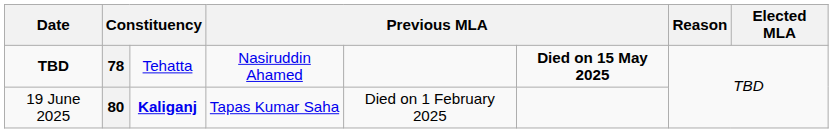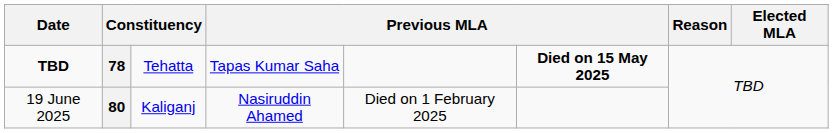 <table class="wikitable sortable" style="text-align:center;">
 <tr>
 <th>Date</th>
 <th colspan="2">Constituency</th>
 <th colspan="3">Previous MLA</th>
 <th>Reason</th>
 <th colspan="3">Elected MLA</th>
 </tr>
 <tr>
 <td><strong>TBD</strong></td>
 <th>78</th>
 <td><a href='#'>Tehatta</a></td>
-<td><a href='#'>Nasiruddin Ahamed</a></td>
+<td><a href='#'>Tapas Kumar Saha</a></td>
 <td></td>
 <td><strong>Died on 15 May 2025</strong></td>
 <td rowspan=2 colspan=3><em>TBD</em></td>
 </tr>
 <tr>
 <td>19 June 2025</td>
 <th>80</th>
-<td><strong><a href='#'>Kaliganj</a></strong></td>
-<td><a href='#'>Tapas Kumar Saha</a></td>
+<td><a href='#'>Kaliganj</a></td>
+<td><a href='#'>Nasiruddin Ahamed</a></td>
 <td>Died on 1 February 2025</td>
 </tr>
 </table>
